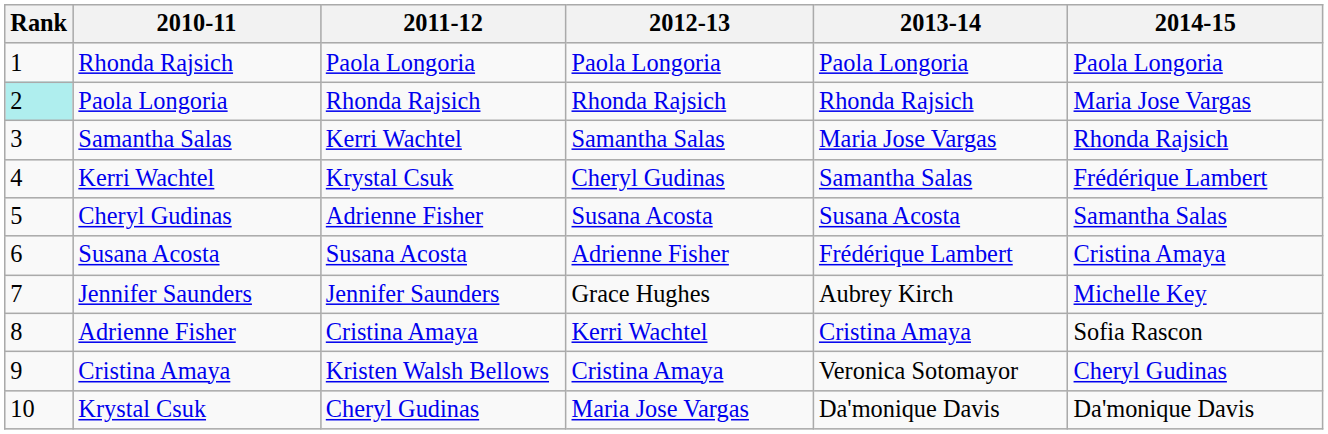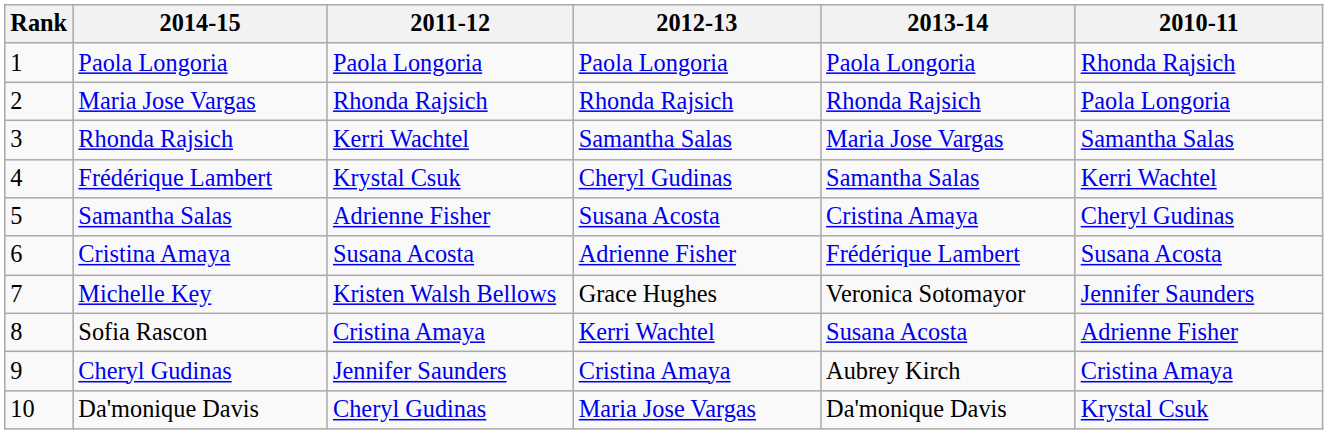 <table class="wikitable" border="1">
 <tr>
 <th>Rank</th>
-<th width="200">2010-11</th>
+<th width="200">2014-15</th>
 <th width="200">2011-12</th>
 <th width="200">2012-13</th>
 <th width="200">2013-14</th>
-<th width="200">2014-15</th>
+<th width="200">2010-11</th>
 </tr>
 <tr>
 <td>1</td>
-<td> <a href='#'>Rhonda Rajsich</a></td>
 <td> <a href='#'>Paola Longoria</a></td>
 <td> <a href='#'>Paola Longoria</a></td>
 <td> <a href='#'>Paola Longoria</a></td>
 <td> <a href='#'>Paola Longoria</a></td>
+<td> <a href='#'>Rhonda Rajsich</a></td>
 </tr>
 <tr>
-<td style="background: paleturquoise;">2</td>
-<td> <a href='#'>Paola Longoria</a></td>
+<td>2</td>
+<td> <a href='#'>Maria Jose Vargas</a></td>
 <td> <a href='#'>Rhonda Rajsich</a></td>
 <td> <a href='#'>Rhonda Rajsich</a></td>
 <td> <a href='#'>Rhonda Rajsich</a></td>
-<td> <a href='#'>Maria Jose Vargas</a></td>
+<td> <a href='#'>Paola Longoria</a></td>
 </tr>
 <tr>
 <td>3</td>
-<td> <a href='#'>Samantha Salas</a></td>
+<td> <a href='#'>Rhonda Rajsich</a></td>
 <td> <a href='#'>Kerri Wachtel</a></td>
 <td> <a href='#'>Samantha Salas</a></td>
 <td> <a href='#'>Maria Jose Vargas</a></td>
-<td> <a href='#'>Rhonda Rajsich</a></td>
+<td> <a href='#'>Samantha Salas</a></td>
 </tr>
 <tr>
 <td>4</td>
-<td> <a href='#'>Kerri Wachtel</a></td>
+<td> <a href='#'>Frédérique Lambert</a></td>
 <td> <a href='#'>Krystal Csuk</a></td>
 <td> <a href='#'>Cheryl Gudinas</a></td>
 <td> <a href='#'>Samantha Salas</a></td>
-<td> <a href='#'>Frédérique Lambert</a></td>
+<td> <a href='#'>Kerri Wachtel</a></td>
 </tr>
 <tr>
 <td>5</td>
-<td> <a href='#'>Cheryl Gudinas</a></td>
+<td> <a href='#'>Samantha Salas</a></td>
 <td> <a href='#'>Adrienne Fisher</a></td>
 <td> <a href='#'>Susana Acosta</a></td>
-<td> <a href='#'>Susana Acosta</a></td>
-<td> <a href='#'>Samantha Salas</a></td>
+<td> <a href='#'>Cristina Amaya</a></td>
+<td> <a href='#'>Cheryl Gudinas</a></td>
 </tr>
 <tr>
 <td>6</td>
-<td> <a href='#'>Susana Acosta</a></td>
+<td> <a href='#'>Cristina Amaya</a></td>
 <td> <a href='#'>Susana Acosta</a></td>
 <td> <a href='#'>Adrienne Fisher</a></td>
 <td> <a href='#'>Frédérique Lambert</a></td>
+<td> <a href='#'>Susana Acosta</a></td>
+</tr>
+<tr>
+<td>7</td>
+<td> <a href='#'>Michelle Key</a></td>
+<td> <a href='#'>Kristen Walsh Bellows</a></td>
+<td> Grace Hughes</td>
+<td> Veronica Sotomayor</td>
+<td> <a href='#'>Jennifer Saunders</a></td>
+</tr>
+<tr>
+<td>8</td>
+<td> Sofia Rascon</td>
+<td> <a href='#'>Cristina Amaya</a></td>
+<td> <a href='#'>Kerri Wachtel</a></td>
+<td> <a href='#'>Susana Acosta</a></td>
+<td> <a href='#'>Adrienne Fisher</a></td>
+</tr>
+<tr>
+<td>9</td>
+<td> <a href='#'>Cheryl Gudinas</a></td>
+<td> <a href='#'>Jennifer Saunders</a></td>
+<td> <a href='#'>Cristina Amaya</a></td>
+<td> Aubrey Kirch</td>
 <td> <a href='#'>Cristina Amaya</a></td>
 </tr>
 <tr>
-<td>7</td>
-<td> <a href='#'>Jennifer Saunders</a></td>
-<td> <a href='#'>Jennifer Saunders</a></td>
-<td> Grace Hughes</td>
-<td> Aubrey Kirch</td>
-<td> <a href='#'>Michelle Key</a></td>
-</tr>
-<tr>
-<td>8</td>
-<td> <a href='#'>Adrienne Fisher</a></td>
-<td> <a href='#'>Cristina Amaya</a></td>
-<td> <a href='#'>Kerri Wachtel</a></td>
-<td> <a href='#'>Cristina Amaya</a></td>
-<td> Sofia Rascon</td>
-</tr>
-<tr>
-<td>9</td>
-<td> <a href='#'>Cristina Amaya</a></td>
-<td> <a href='#'>Kristen Walsh Bellows</a></td>
-<td> <a href='#'>Cristina Amaya</a></td>
-<td> Veronica Sotomayor</td>
-<td> <a href='#'>Cheryl Gudinas</a></td>
-</tr>
-<tr>
 <td>10</td>
-<td> <a href='#'>Krystal Csuk</a></td>
+<td> Da'monique Davis</td>
 <td> <a href='#'>Cheryl Gudinas</a></td>
 <td> <a href='#'>Maria Jose Vargas</a></td>
 <td> Da'monique Davis</td>
-<td> Da'monique Davis</td>
+<td> <a href='#'>Krystal Csuk</a></td>
 </tr>
 </table>
